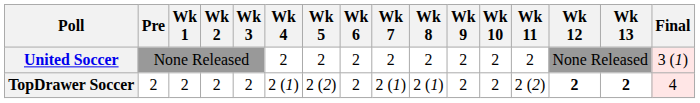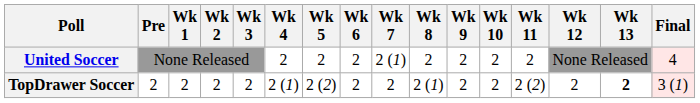 <table class="wikitable" style="white-space:nowrap;text-align:center;">
 <tr>
 <th>Poll</th>
 <th>Pre</th>
 <th>Wk<br>1</th>
 <th>Wk<br>2</th>
 <th>Wk<br>3</th>
 <th>Wk<br>4</th>
 <th>Wk<br>5</th>
 <th>Wk<br>6</th>
 <th>Wk<br>7</th>
 <th>Wk<br>8</th>
 <th>Wk<br>9</th>
 <th>Wk<br>10</th>
 <th>Wk<br>11</th>
 <th>Wk<br>12</th>
 <th>Wk<br>13</th>
 <th>Final<br></th>
 </tr>
 <tr>
 <th><a href='#'>United Soccer</a></th>
 <td colspan=4 style="background:#999;">None Released</td>
 <td style="background:#FFFFFF;">2</td>
 <td style="background:#FFFFFF;">2</td>
 <td style="background:#FFFFFF;">2</td>
-<td style="background:#FFFFFF;">2</td>
+<td style="background:#FFFFFF;">2 (<em>1</em>)</td>
 <td style="background:#FFFFFF;">2</td>
 <td style="background:#FFFFFF;">2</td>
 <td style="background:#FFFFFF;">2</td>
 <td style="background:#FFFFFF;">2</td>
 <td colspan=2 style="background:#999;">None Released</td>
-<td style="background:#FFE6E6;">3 (<em>1</em>)</td>
+<td style="background:#FFE6E6;">4</td>
 </tr>
 <tr>
 <th>TopDrawer Soccer </th>
 <td style="background:#FFFFFF;">2</td>
 <td style="background:#FFFFFF;">2</td>
 <td style="background:#FFFFFF;">2</td>
 <td style="background:#FFFFFF;">2</td>
 <td style="background:#FFFFFF;">2 (<em>1</em>)</td>
 <td style="background:#FFFFFF;">2 (<em>2</em>)</td>
 <td style="background:#FFFFFF;">2</td>
-<td style="background:#FFFFFF;">2 (<em>1</em>)</td>
+<td style="background:#FFFFFF;">2</td>
 <td style="background:#FFFFFF;">2 (<em>1</em>)</td>
 <td style="background:#FFFFFF;">2</td>
 <td style="background:#FFFFFF;">2</td>
 <td style="background:#FFFFFF;">2 (<em>2</em>)</td>
+<td style="background:#FFFFFF;">2</td>
 <td style="background:#FFFFFF;"><strong>2</strong></td>
-<td style="background:#FFFFFF;"><strong>2</strong></td>
-<td style="background:#FFE6E6;">4</td>
+<td style="background:#FFE6E6;">3 (<em>1</em>)</td>
 </tr>
 </table>
